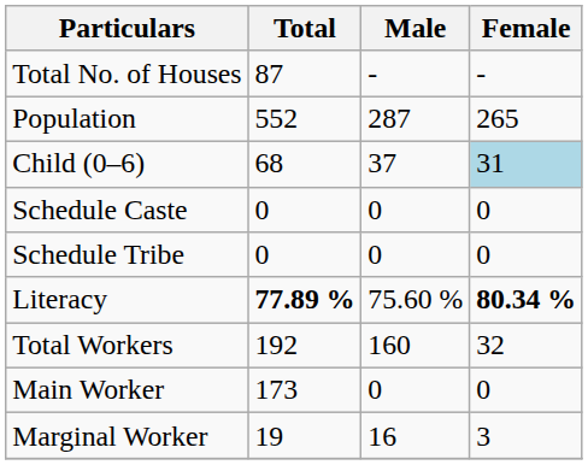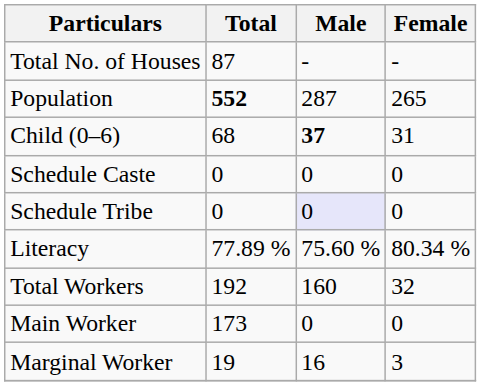 <table class="wikitable sortable">
 <tr>
 <th>Particulars</th>
 <th>Total</th>
 <th>Male</th>
 <th>Female</th>
 </tr>
 <tr>
 <td>Total No. of Houses</td>
 <td>87</td>
 <td>-</td>
 <td>-</td>
 </tr>
 <tr>
 <td>Population</td>
-<td>552</td>
+<td><strong>552</strong></td>
 <td>287</td>
 <td>265</td>
 </tr>
 <tr>
 <td>Child (0–6)</td>
 <td>68</td>
-<td>37</td>
-<td style="background: lightblue;">31</td>
+<td><strong>37</strong></td>
+<td>31</td>
 </tr>
 <tr>
 <td>Schedule Caste</td>
 <td>0</td>
 <td>0</td>
 <td>0</td>
 </tr>
 <tr>
 <td>Schedule Tribe</td>
 <td>0</td>
-<td>0</td>
+<td style="background: lavender;">0</td>
 <td>0</td>
 </tr>
 <tr>
 <td>Literacy</td>
-<td><strong>77.89 %</strong></td>
+<td>77.89 %</td>
 <td>75.60 %</td>
-<td><strong>80.34 %</strong></td>
+<td>80.34 %</td>
 </tr>
 <tr>
 <td>Total Workers</td>
 <td>192</td>
 <td>160</td>
 <td>32</td>
 </tr>
 <tr>
 <td>Main Worker</td>
 <td>173</td>
 <td>0</td>
 <td>0</td>
 </tr>
 <tr>
 <td>Marginal Worker</td>
 <td>19</td>
 <td>16</td>
 <td>3</td>
 </tr>
 <tr>
 </tr>
 </table>
